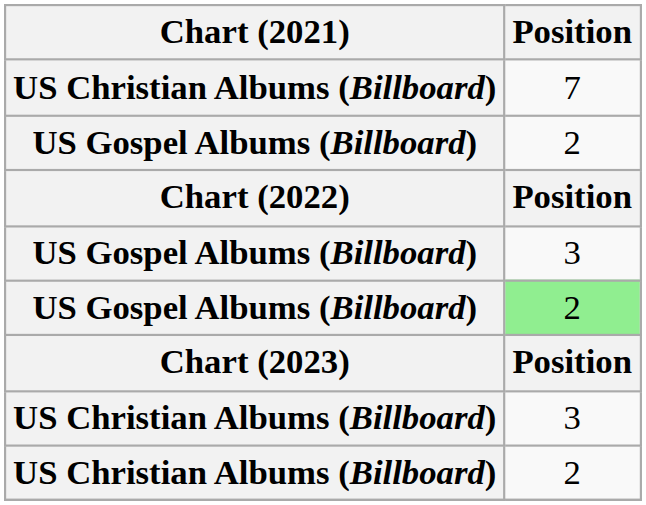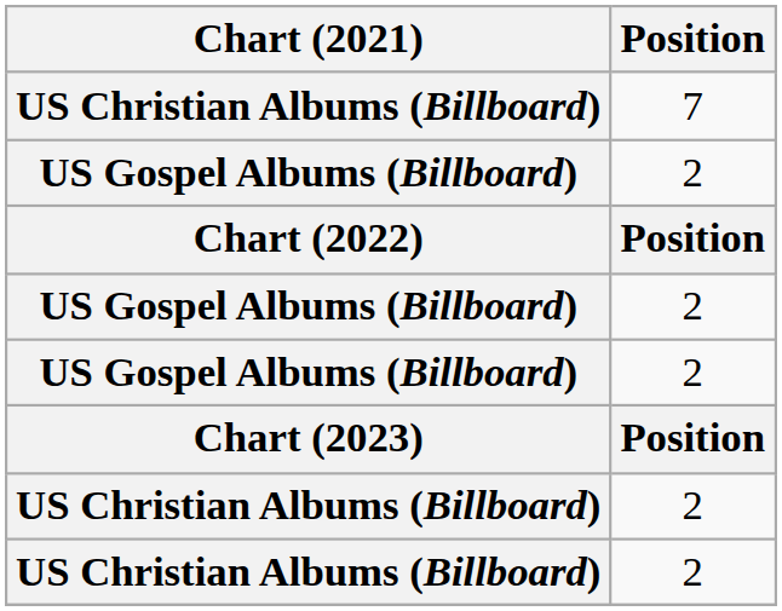 <table class="wikitable plainrowheaders" style="text-align:center">
 <tr>
 <th scope="col">Chart (2021)</th>
 <th scope="col">Position</th>
 </tr>
 <tr>
 <th scope="row">US Christian Albums (<em>Billboard</em>)</th>
 <td>7</td>
 </tr>
 <tr>
 <th scope="row">US Gospel Albums (<em>Billboard</em>)</th>
 <td>2</td>
 </tr>
 <tr>
 <th scope="col">Chart (2022)</th>
 <th scope="col">Position</th>
 </tr>
 <tr>
 <th scope="row">US Gospel Albums (<em>Billboard</em>)</th>
-<td>3</td>
+<td>2</td>
 </tr>
 <tr>
 <th scope="row">US Gospel Albums (<em>Billboard</em>)</th>
-<td style="background: lightgreen;">2</td>
+<td>2</td>
 </tr>
 <tr>
 <th scope="col">Chart (2023)</th>
 <th scope="col">Position</th>
 </tr>
 <tr>
 <th scope="row">US Christian Albums (<em>Billboard</em>)</th>
-<td>3</td>
+<td>2</td>
 </tr>
 <tr>
 <th scope="row">US Christian Albums (<em>Billboard</em>)</th>
 <td>2</td>
 </tr>
 <tr>
 </tr>
 </table>
